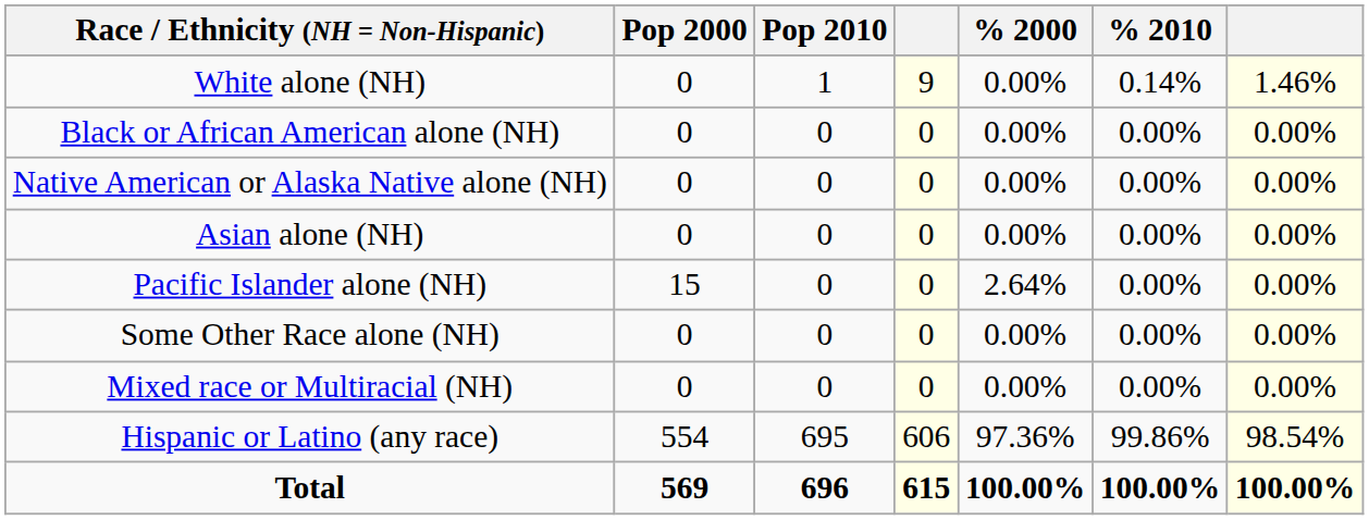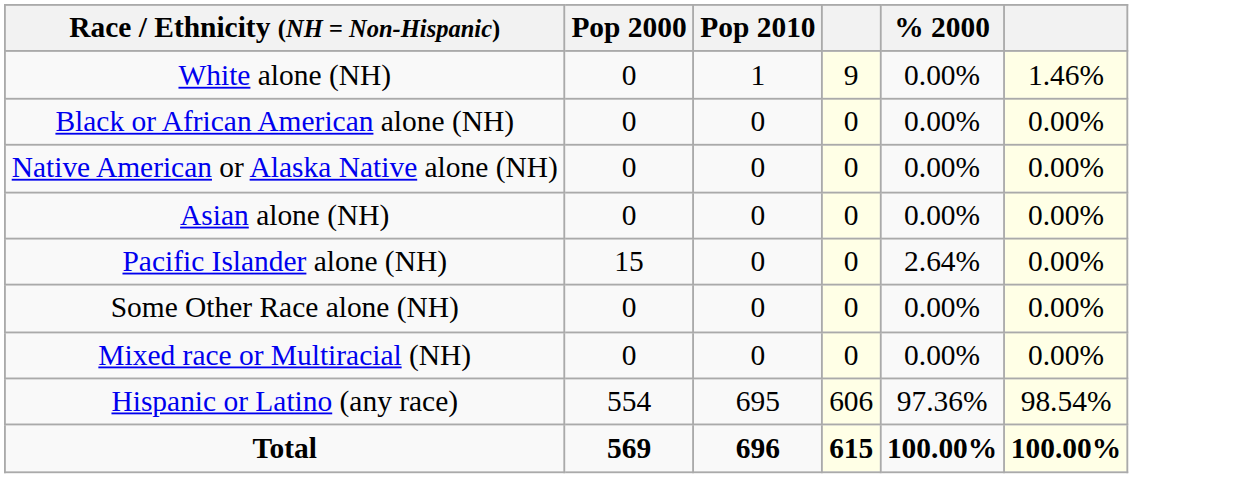 <table class="wikitable" style="text-align:center;">
 <tr>
 <th>Race / Ethnicity <small>(<em>NH = Non-Hispanic</em>)</small></th>
 <th>Pop 2000</th>
 <th>Pop 2010</th>
 <th></th>
 <th>% 2000</th>
-<th>% 2010</th>
 <th></th>
 </tr>
 <tr>
 <td><a href='#'>White</a> alone (NH)</td>
 <td>0</td>
 <td>1</td>
 <td style='background: #ffffe6;'>9</td>
 <td>0.00%</td>
-<td>0.14%</td>
 <td style='background: #ffffe6;'>1.46%</td>
 </tr>
 <tr>
 <td><a href='#'>Black or African American</a> alone (NH)</td>
 <td>0</td>
 <td>0</td>
 <td style='background: #ffffe6;'>0</td>
-<td>0.00%</td>
 <td>0.00%</td>
 <td style='background: #ffffe6;'>0.00%</td>
 </tr>
 <tr>
 <td><a href='#'>Native American</a> or <a href='#'>Alaska Native</a> alone (NH)</td>
 <td>0</td>
 <td>0</td>
 <td style='background: #ffffe6;'>0</td>
 <td>0.00%</td>
-<td>0.00%</td>
 <td style='background: #ffffe6;'>0.00%</td>
 </tr>
 <tr>
 <td><a href='#'>Asian</a> alone (NH)</td>
 <td>0</td>
 <td>0</td>
 <td style='background: #ffffe6;'>0</td>
-<td>0.00%</td>
 <td>0.00%</td>
 <td style='background: #ffffe6;'>0.00%</td>
 </tr>
 <tr>
 <td><a href='#'>Pacific Islander</a> alone (NH)</td>
 <td>15</td>
 <td>0</td>
 <td style='background: #ffffe6;'>0</td>
 <td>2.64%</td>
-<td>0.00%</td>
 <td style='background: #ffffe6;'>0.00%</td>
 </tr>
 <tr>
 <td>Some Other Race alone (NH)</td>
 <td>0</td>
 <td>0</td>
 <td style='background: #ffffe6;'>0</td>
-<td>0.00%</td>
 <td>0.00%</td>
 <td style='background: #ffffe6;'>0.00%</td>
 </tr>
 <tr>
 <td><a href='#'>Mixed race or Multiracial</a> (NH)</td>
 <td>0</td>
 <td>0</td>
 <td style='background: #ffffe6;'>0</td>
 <td>0.00%</td>
-<td>0.00%</td>
 <td style='background: #ffffe6;'>0.00%</td>
 </tr>
 <tr>
 <td><a href='#'>Hispanic or Latino</a> (any race)</td>
 <td>554</td>
 <td>695</td>
 <td style='background: #ffffe6;'>606</td>
 <td>97.36%</td>
-<td>99.86%</td>
 <td style='background: #ffffe6;'>98.54%</td>
 </tr>
 <tr>
 <td><strong>Total</strong></td>
 <td><strong>569</strong></td>
 <td><strong>696</strong></td>
 <td style='background: #ffffe6;'><strong>615</strong></td>
 <td><strong>100.00%</strong></td>
-<td><strong>100.00%</strong></td>
 <td style='background: #ffffe6;'><strong>100.00%</strong></td>
 </tr>
 </table>
